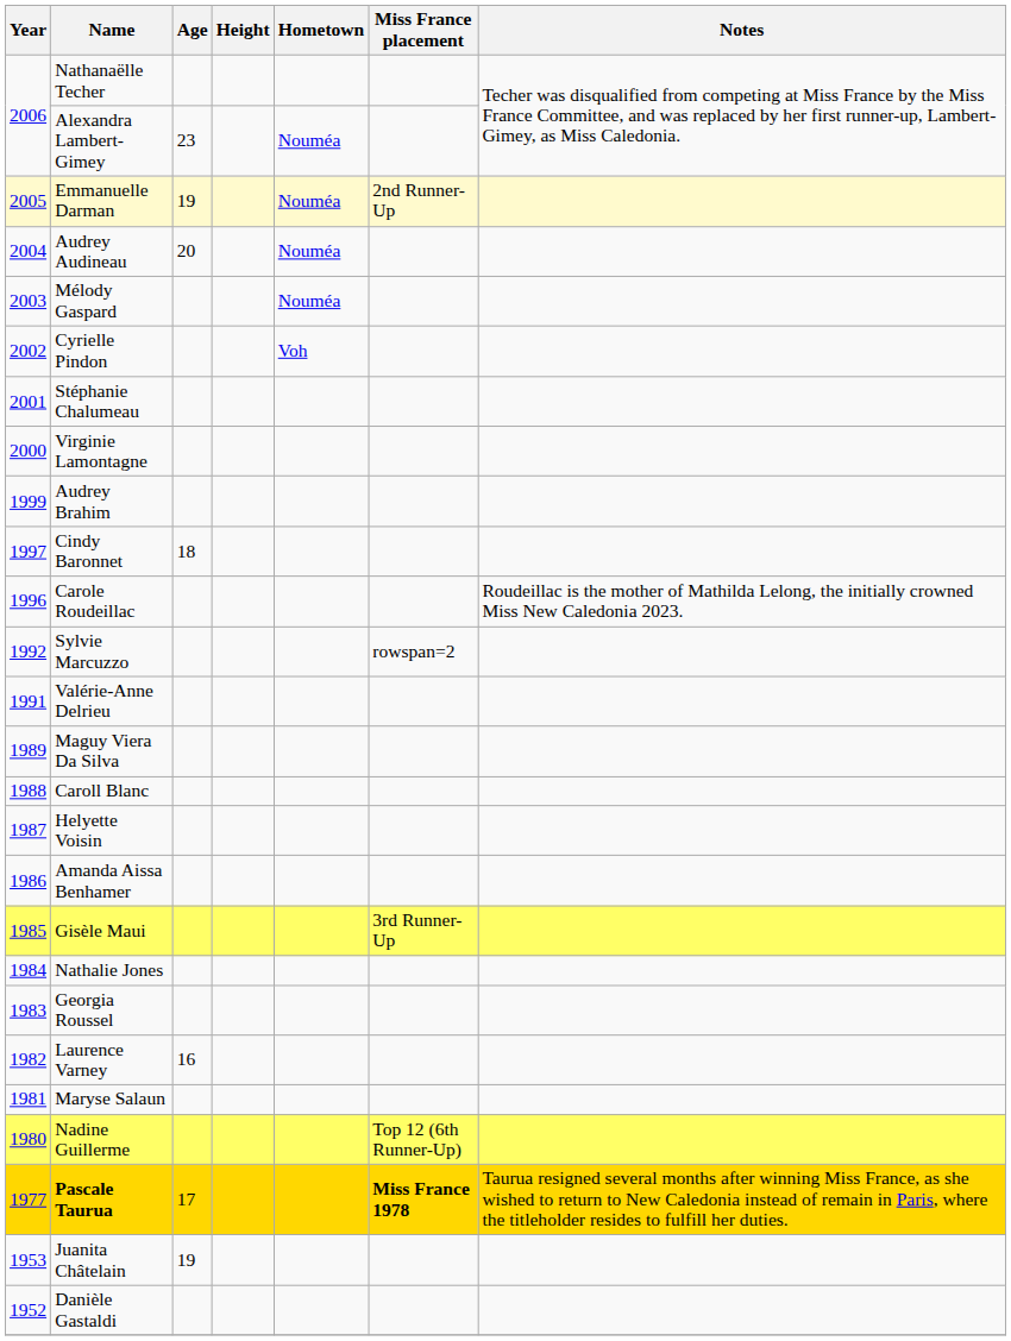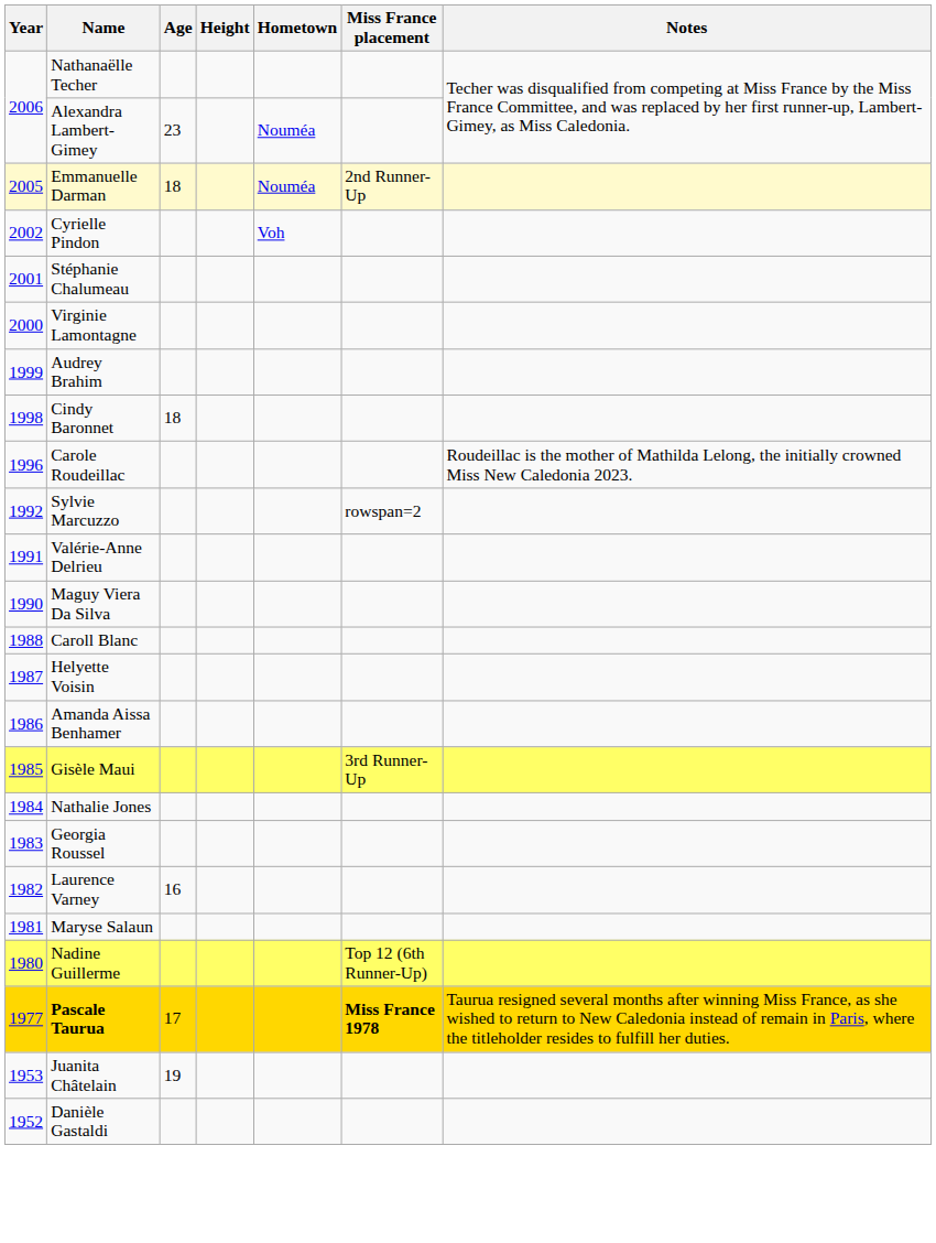 <table class="wikitable sortable">
 <tr>
 <th>Year</th>
 <th>Name</th>
 <th>Age</th>
 <th>Height</th>
 <th>Hometown</th>
 <th>Miss France placement</th>
 <th width=450>Notes</th>
 </tr>
 <tr>
 <td rowspan=2><a href='#'>2006</a></td>
 <td>Nathanaëlle Techer</td>
 <td></td>
 <td></td>
 <td></td>
 <td></td>
 <td rowspan=2>Techer was disqualified from competing at Miss France by the Miss France Committee, and was replaced by her first runner-up, Lambert-Gimey, as Miss Caledonia.</td>
 </tr>
 <tr>
 <td>Alexandra Lambert-Gimey</td>
 <td>23</td>
 <td></td>
 <td><a href='#'>Nouméa</a></td>
 </tr>
 <tr bgcolor=#FFFACD>
 <td><a href='#'>2005</a></td>
 <td>Emmanuelle Darman</td>
-<td>19</td>
+<td>18</td>
 <td></td>
 <td><a href='#'>Nouméa</a></td>
 <td>2nd Runner-Up</td>
-<td></td>
-</tr>
-<tr>
-<td><a href='#'>2004</a></td>
-<td>Audrey Audineau</td>
-<td>20</td>
-<td></td>
-<td><a href='#'>Nouméa</a></td>
-<td></td>
-<td></td>
-</tr>
-<tr>
-<td><a href='#'>2003</a></td>
-<td>Mélody Gaspard</td>
-<td></td>
-<td></td>
-<td><a href='#'>Nouméa</a></td>
-<td></td>
 <td></td>
 </tr>
 <tr>
 <td><a href='#'>2002</a></td>
 <td>Cyrielle Pindon</td>
 <td></td>
 <td></td>
 <td><a href='#'>Voh</a></td>
 <td></td>
 <td></td>
 </tr>
 <tr>
 <td><a href='#'>2001</a></td>
 <td>Stéphanie Chalumeau</td>
 <td></td>
 <td></td>
 <td></td>
 <td></td>
 <td></td>
 </tr>
 <tr>
 <td><a href='#'>2000</a></td>
 <td>Virginie Lamontagne</td>
 <td></td>
 <td></td>
 <td></td>
 <td></td>
 <td></td>
 </tr>
 <tr>
 <td><a href='#'>1999</a></td>
 <td>Audrey Brahim</td>
 <td></td>
 <td></td>
 <td></td>
 <td></td>
 <td></td>
 </tr>
 <tr>
-<td><a href='#'>1997</a></td>
+<td><a href='#'>1998</a></td>
 <td>Cindy Baronnet</td>
 <td>18</td>
 <td></td>
 <td></td>
 <td></td>
 <td></td>
 </tr>
 <tr>
 <td><a href='#'>1996</a></td>
 <td>Carole Roudeillac</td>
 <td></td>
 <td></td>
 <td></td>
 <td></td>
 <td>Roudeillac is the mother of Mathilda Lelong, the initially crowned Miss New Caledonia 2023.</td>
 </tr>
 <tr>
 <td><a href='#'>1992</a></td>
 <td>Sylvie Marcuzzo</td>
 <td></td>
 <td></td>
 <td></td>
 <td>rowspan=2 </td>
 <td></td>
 </tr>
 <tr>
 <td><a href='#'>1991</a></td>
 <td>Valérie-Anne Delrieu</td>
 <td></td>
 <td></td>
 <td></td>
 <td></td>
 </tr>
 <tr>
-<td><a href='#'>1989</a></td>
+<td><a href='#'>1990</a></td>
 <td>Maguy Viera Da Silva</td>
 <td></td>
 <td></td>
 <td></td>
 <td></td>
 <td></td>
 </tr>
 <tr>
 <td><a href='#'>1988</a></td>
 <td>Caroll Blanc</td>
 <td></td>
 <td></td>
 <td></td>
 <td></td>
 <td></td>
 </tr>
 <tr>
 <td><a href='#'>1987</a></td>
 <td>Helyette Voisin</td>
 <td></td>
 <td></td>
 <td></td>
 <td></td>
 <td></td>
 </tr>
 <tr>
 <td><a href='#'>1986</a></td>
 <td>Amanda Aissa Benhamer</td>
 <td></td>
 <td></td>
 <td></td>
 <td></td>
 <td></td>
 </tr>
 <tr bgcolor=#FFFF66>
 <td><a href='#'>1985</a></td>
 <td>Gisèle Maui</td>
 <td></td>
 <td></td>
 <td></td>
 <td>3rd Runner-Up</td>
 <td></td>
 </tr>
 <tr>
 <td><a href='#'>1984</a></td>
 <td>Nathalie Jones</td>
 <td></td>
 <td></td>
 <td></td>
 <td></td>
 <td></td>
 </tr>
 <tr>
 <td><a href='#'>1983</a></td>
 <td>Georgia Roussel</td>
 <td></td>
 <td></td>
 <td></td>
 <td></td>
 <td></td>
 </tr>
 <tr>
 <td><a href='#'>1982</a></td>
 <td>Laurence Varney</td>
 <td>16</td>
 <td></td>
 <td></td>
 <td></td>
 <td></td>
 </tr>
 <tr>
 <td><a href='#'>1981</a></td>
 <td>Maryse Salaun</td>
 <td></td>
 <td></td>
 <td></td>
 <td></td>
 <td></td>
 </tr>
 <tr bgcolor=#FFFF66>
 <td><a href='#'>1980</a></td>
 <td>Nadine Guillerme</td>
 <td></td>
 <td></td>
 <td></td>
 <td>Top 12 (6th Runner-Up)</td>
 <td></td>
 </tr>
 <tr bgcolor=GOLD>
 <td><a href='#'>1977</a></td>
 <td><strong>Pascale Taurua</strong></td>
 <td>17</td>
 <td></td>
 <td></td>
 <td><strong>Miss France 1978</strong></td>
 <td>Taurua resigned several months after winning Miss France, as she wished to return to New Caledonia instead of remain in <a href='#'>Paris</a>, where the titleholder resides to fulfill her duties.</td>
 </tr>
 <tr>
 <td><a href='#'>1953</a></td>
 <td>Juanita Châtelain</td>
 <td>19</td>
 <td></td>
 <td></td>
 <td></td>
 <td></td>
 </tr>
 <tr>
 <td><a href='#'>1952</a></td>
 <td>Danièle Gastaldi</td>
 <td></td>
 <td></td>
 <td></td>
 <td></td>
 <td></td>
 </tr>
 <tr>
 </tr>
 </table>
